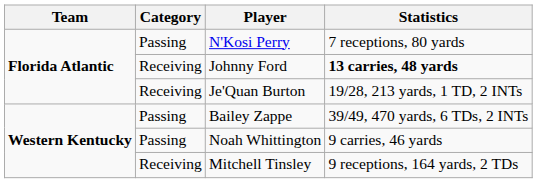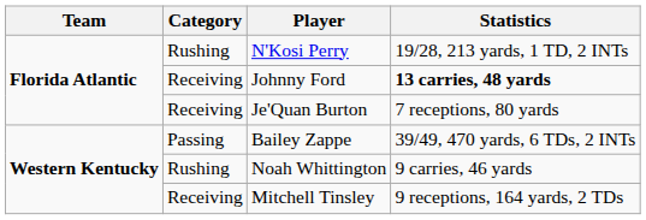 <table class="wikitable" style="float: left;">
 <tr>
 <th>Team</th>
 <th>Category</th>
 <th>Player</th>
 <th>Statistics</th>
 </tr>
 <tr>
 <td rowspan=3><strong>Florida Atlantic</strong></td>
-<td>Passing</td>
+<td>Rushing</td>
 <td><a href='#'>N'Kosi Perry</a></td>
-<td>7 receptions, 80 yards</td>
+<td>19/28, 213 yards, 1 TD, 2 INTs</td>
 </tr>
 <tr>
 <td>Receiving</td>
 <td>Johnny Ford</td>
 <td><strong>13 carries, 48 yards</strong></td>
 </tr>
 <tr>
 <td>Receiving</td>
 <td>Je'Quan Burton</td>
-<td>19/28, 213 yards, 1 TD, 2 INTs</td>
+<td>7 receptions, 80 yards</td>
 </tr>
 <tr>
 <td rowspan=3><strong>Western Kentucky</strong></td>
 <td>Passing</td>
 <td>Bailey Zappe</td>
 <td>39/49, 470 yards, 6 TDs, 2 INTs</td>
 </tr>
 <tr>
-<td>Passing</td>
+<td>Rushing</td>
 <td>Noah Whittington</td>
 <td>9 carries, 46 yards</td>
 </tr>
 <tr>
 <td>Receiving</td>
 <td>Mitchell Tinsley</td>
 <td>9 receptions, 164 yards, 2 TDs</td>
 </tr>
 </table>
